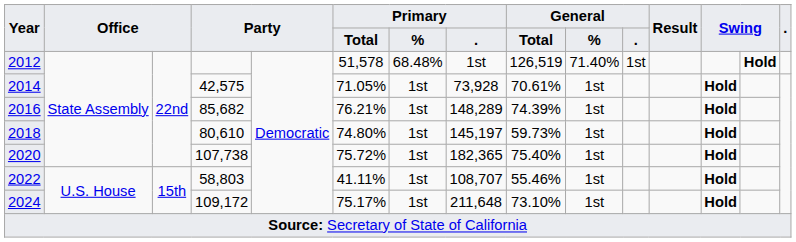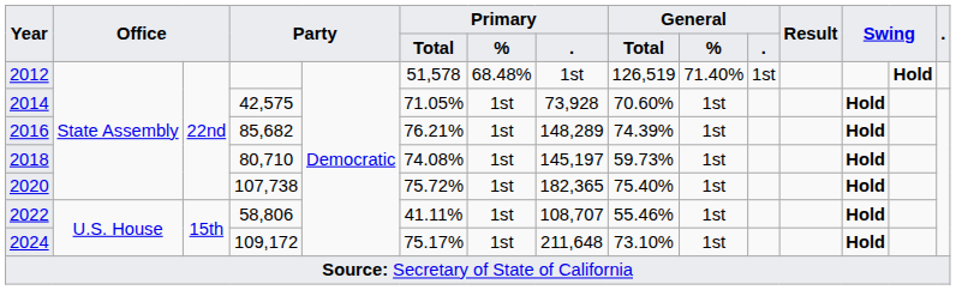 <table class="wikitable" style="font-size:90%; text-align:center;">
 <tr>
 <th style="background-color:#EAECF0;" rowspan=2>Year</th>
 <th style="background-color:#EAECF0;" colspan=2 rowspan=2>Office</th>
 <th style="background-color:#EAECF0;" colspan=2 rowspan=2>Party</th>
 <th style="background-color:#EAECF0;" colspan=3>Primary</th>
 <th style="background-color:#EAECF0;" colspan=3>General</th>
 <th style="background-color:#EAECF0;" rowspan=2>Result</th>
 <th style="background-color:#EAECF0;" colspan=2 rowspan=2><a href='#'>Swing</a></th>
 <th style="background-color:#EAECF0;" rowspan=2>.</th>
 </tr>
 <tr>
 <th style="background-color:#EAECF0;">Total</th>
 <th style="background-color:#EAECF0;">%</th>
 <th style="background-color:#EAECF0;">.</th>
 <th style="background-color:#EAECF0;">Total</th>
 <th style="background-color:#EAECF0;">%</th>
 <th style="background-color:#EAECF0;">.</th>
 </tr>
 <tr>
 <td style="background-color:#EAECF0;"><a href='#'>2012</a></td>
 <td rowspan=5><a href='#'>State Assembly</a></td>
 <td rowspan=5><a href='#'>22nd</a></td>
 <td style="background-color:"></td>
 <td rowspan=7><a href='#'>Democratic</a></td>
 <td>51,578</td>
 <td>68.48%</td>
 <td>1st</td>
 <td>126,519</td>
 <td>71.40%</td>
 <td>1st</td>
 <td></td>
 <td style="background-color:"></td>
 <td><strong>Hold</strong></td>
 <td></td>
 </tr>
 <tr>
 <td style="background-color:#EAECF0;"><a href='#'>2014</a></td>
 <td>42,575</td>
 <td>71.05%</td>
 <td>1st</td>
 <td>73,928</td>
-<td>70.61%</td>
+<td>70.60%</td>
 <td>1st</td>
 <td></td>
 <td style="background-color:"></td>
 <td><strong>Hold</strong></td>
 <td></td>
 </tr>
 <tr>
 <td style="background-color:#EAECF0;"><a href='#'>2016</a></td>
 <td>85,682</td>
 <td>76.21%</td>
 <td>1st</td>
 <td>148,289</td>
 <td>74.39%</td>
 <td>1st</td>
 <td></td>
 <td style="background-color:"></td>
 <td><strong>Hold</strong></td>
 <td></td>
 </tr>
 <tr>
 <td style="background-color:#EAECF0;"><a href='#'>2018</a></td>
-<td>80,610</td>
-<td>74.80%</td>
+<td>80,710</td>
+<td>74.08%</td>
 <td>1st</td>
 <td>145,197</td>
 <td>59.73%</td>
 <td>1st</td>
 <td></td>
 <td style="background-color:"></td>
 <td><strong>Hold</strong></td>
 <td></td>
 </tr>
 <tr>
 <td style="background-color:#EAECF0;"><a href='#'>2020</a></td>
 <td>107,738</td>
 <td>75.72%</td>
 <td>1st</td>
 <td>182,365</td>
 <td>75.40%</td>
 <td>1st</td>
 <td></td>
 <td style="background-color:"></td>
 <td><strong>Hold</strong></td>
 <td></td>
 </tr>
 <tr>
 <td style="background-color:#EAECF0;"><a href='#'>2022</a></td>
 <td rowspan="2"><a href='#'>U.S. House</a></td>
 <td rowspan=2><a href='#'>15th</a></td>
-<td>58,803</td>
+<td>58,806</td>
 <td>41.11%</td>
 <td>1st</td>
 <td>108,707</td>
 <td>55.46%</td>
 <td>1st</td>
 <td></td>
 <td style="background-color:"></td>
 <td><strong>Hold</strong></td>
 <td></td>
 </tr>
 <tr>
 <td style="background-color:#EAECF0;"><a href='#'>2024</a></td>
 <td>109,172</td>
 <td>75.17%</td>
 <td>1st</td>
 <td>211,648</td>
 <td>73.10%</td>
 <td>1st</td>
 <td></td>
 <td style="background-color:"></td>
 <td><strong>Hold</strong></td>
 <td></td>
 </tr>
 <tr>
 <td style="background-color:#EAECF0;" colspan=15><strong>Source:</strong> <a href='#'>Secretary of State of California</a>  </td>
 </tr>
 </table>
